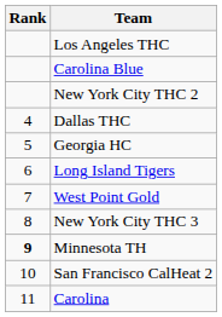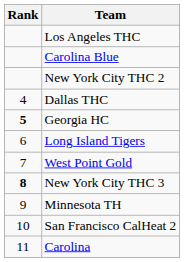 <table class="wikitable">
 <tr>
 <th>Rank</th>
 <th>Team</th>
 </tr>
 <tr>
 <td align=center></td>
 <td align="left">Los Angeles THC</td>
 </tr>
 <tr>
 <td align=center></td>
 <td align="left"><a href='#'>Carolina Blue</a></td>
 </tr>
 <tr>
 <td align=center></td>
 <td align="left">New York City THC 2</td>
 </tr>
 <tr>
 <td align=center>4</td>
 <td align="left">Dallas THC</td>
 </tr>
 <tr>
-<td align=center>5</td>
+<td align=center><strong>5</strong></td>
 <td align="left">Georgia HC</td>
 </tr>
 <tr>
 <td align=center>6</td>
 <td align="left"><a href='#'>Long Island Tigers</a></td>
 </tr>
 <tr>
 <td align=center>7</td>
 <td align="left"><a href='#'>West Point Gold</a></td>
 </tr>
 <tr>
-<td align=center>8</td>
+<td align=center><strong>8</strong></td>
 <td align="left">New York City THC 3</td>
 </tr>
 <tr>
-<td align=center><strong>9</strong></td>
+<td align=center>9</td>
 <td align="left">Minnesota TH</td>
 </tr>
 <tr>
 <td align=center>10</td>
 <td align="left">San Francisco CalHeat 2</td>
 </tr>
 <tr>
 <td align=center>11</td>
 <td align="left"><a href='#'>Carolina</a></td>
 </tr>
 </table>
